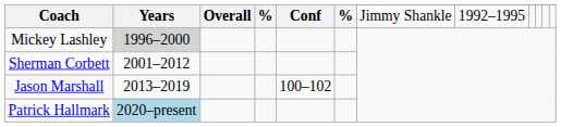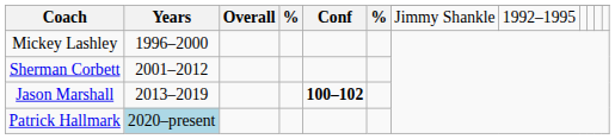 <table class="wikitable sortable" style="text-align:center">
 <tr>
 <th rowspan="2">Coach</th>
 <th rowspan="2">Years</th>
 <th rowspan="2">Overall</th>
 <th rowspan="2">%</th>
 <th rowspan="2">Conf</th>
 <th rowspan="2">%</th>
 </tr>
 <tr>
 <td>Jimmy Shankle</td>
 <td>1992–1995</td>
 <td></td>
 <td></td>
 <td></td>
 <td></td>
 </tr>
 <tr>
 <td>Mickey Lashley</td>
-<td style="background: lightgrey;">1996–2000</td>
+<td>1996–2000</td>
 <td></td>
 <td></td>
 <td></td>
 <td></td>
 </tr>
 <tr>
 <td><a href='#'>Sherman Corbett</a></td>
 <td>2001–2012</td>
 <td></td>
 <td></td>
 <td></td>
 <td></td>
 </tr>
 <tr>
 <td><a href='#'>Jason Marshall</a></td>
 <td>2013–2019</td>
 <td></td>
 <td></td>
-<td {{sort>100–102</td>
+<td {{sort><strong>100–102</strong></td>
 <td></td>
 </tr>
 <tr>
 <td><a href='#'>Patrick Hallmark</a></td>
 <td style="background: lightblue;">2020–present</td>
 <td></td>
 <td></td>
 <td></td>
 <td></td>
 </tr>
 </table>
